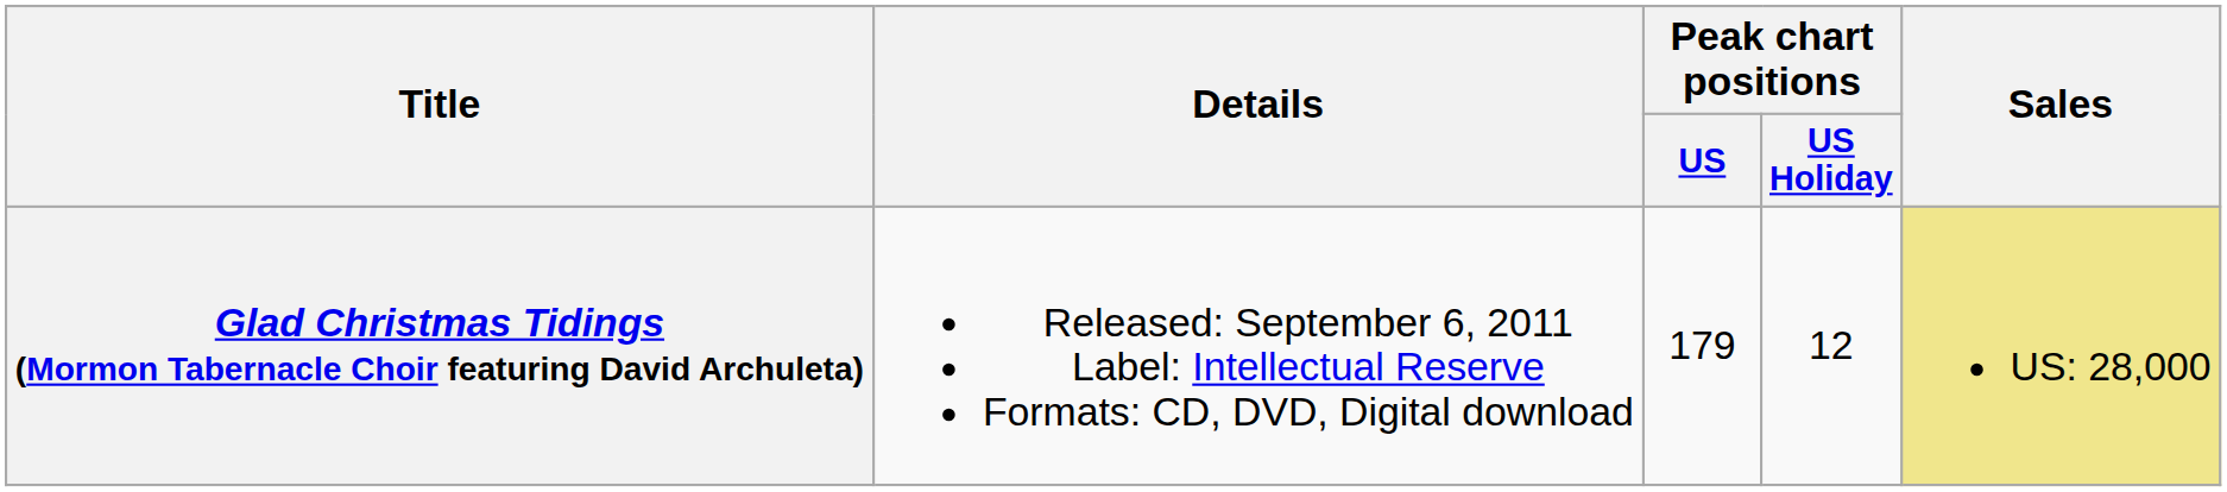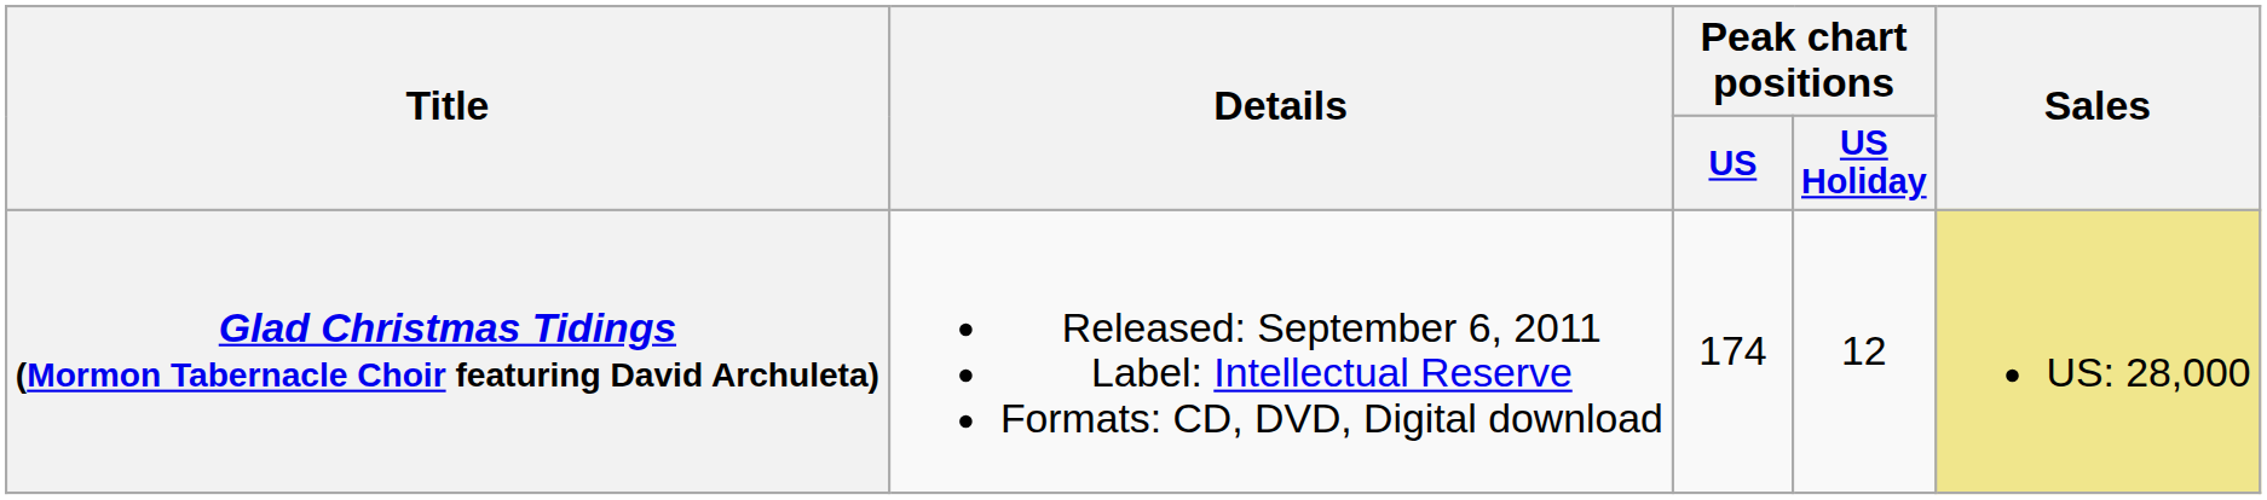 <table class="wikitable plainrowheaders" style="text-align:center;">
 <tr>
 <th scope="col" rowspan="2">Title</th>
 <th scope="col" rowspan="2">Details</th>
 <th scope="col" colspan="2">Peak chart positions</th>
 <th scope="col" rowspan="2">Sales</th>
 </tr>
 <tr>
 <th scope="col" style="width:3em;font-size:85%;"><a href='#'>US</a></th>
 <th scope="col" style="width:3em;font-size:85%;"><a href='#'>US<br>Holiday</a></th>
 </tr>
 <tr>
 <th scope="row"><em><a href='#'>Glad Christmas Tidings</a></em><br><small>(<a href='#'>Mormon Tabernacle Choir</a> featuring David Archuleta)</small></th>
 <td><br><ul><li>Released: September 6, 2011</li><li>Label: <a href='#'>Intellectual Reserve</a></li><li>Formats: CD, DVD, Digital download</li></ul></td>
-<td>179</td>
+<td>174</td>
 <td>12</td>
 <td style="background: khaki;"><br><ul><li>US: 28,000</li></ul></td>
 </tr>
 </table>
